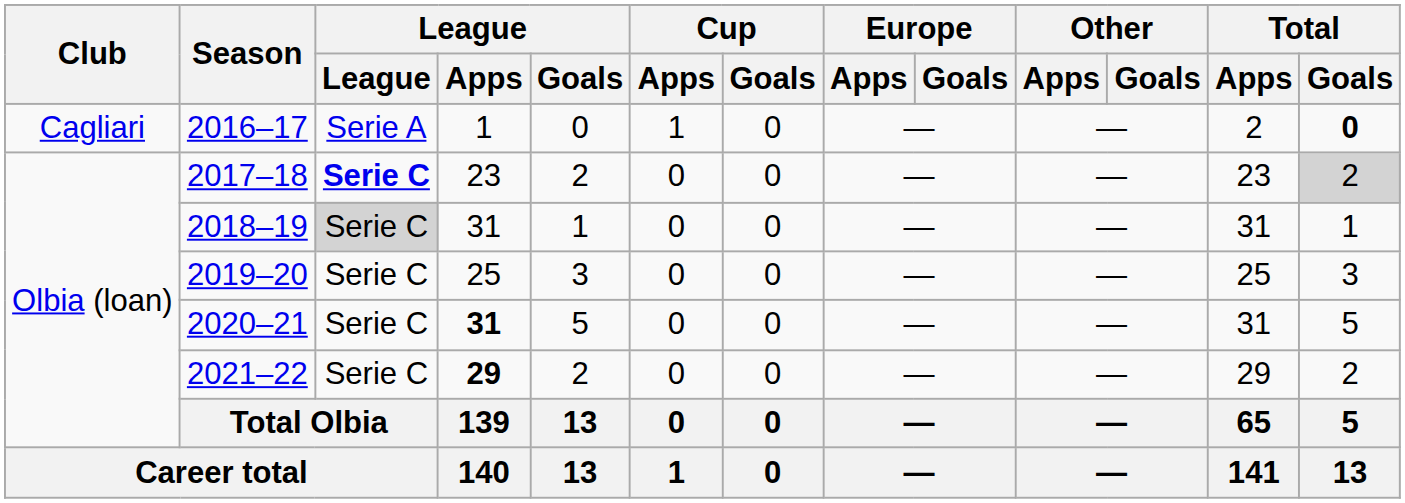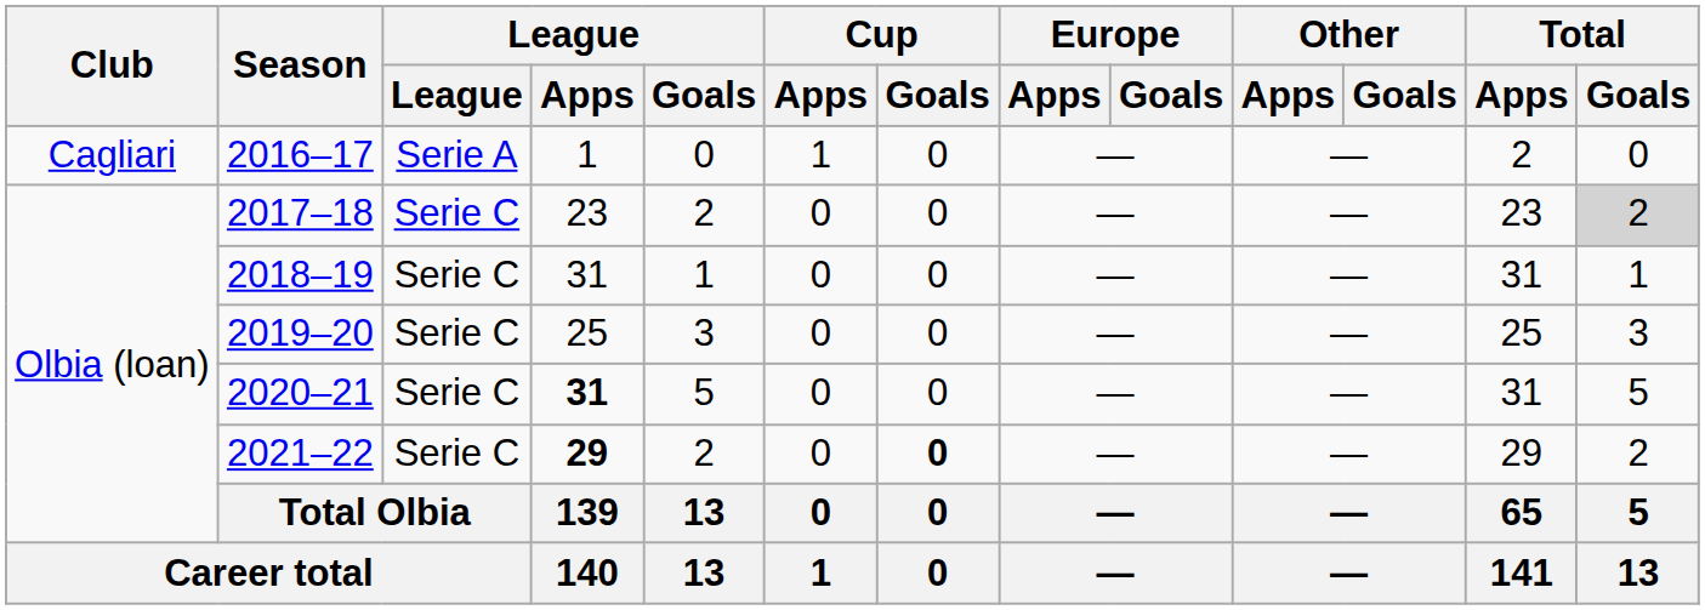 <table class="wikitable" style="text-align: center;">
 <tr>
 <th rowspan="2">Club</th>
 <th rowspan="2">Season</th>
 <th colspan="3">League</th>
 <th colspan="2">Cup</th>
 <th colspan="2">Europe</th>
 <th colspan="2">Other</th>
 <th colspan="2">Total</th>
 </tr>
 <tr>
 <th>League</th>
 <th>Apps</th>
 <th>Goals</th>
 <th>Apps</th>
 <th>Goals</th>
 <th>Apps</th>
 <th>Goals</th>
 <th>Apps</th>
 <th>Goals</th>
 <th>Apps</th>
 <th>Goals</th>
 </tr>
 <tr>
 <td><a href='#'>Cagliari</a></td>
 <td><a href='#'>2016–17</a></td>
 <td><a href='#'>Serie A</a></td>
 <td>1</td>
 <td>0</td>
 <td>1</td>
 <td>0</td>
 <td colspan="2">—</td>
 <td colspan="2">—</td>
 <td>2</td>
-<td><strong>0</strong></td>
+<td>0</td>
 </tr>
 <tr>
 <td rowspan="6"><a href='#'>Olbia</a> (loan)</td>
 <td><a href='#'>2017–18</a></td>
-<td><strong><a href='#'>Serie C</a></strong></td>
+<td><a href='#'>Serie C</a></td>
 <td>23</td>
 <td>2</td>
 <td>0</td>
 <td>0</td>
 <td colspan="2">—</td>
 <td colspan="2">—</td>
 <td>23</td>
 <td style="background: lightgrey;">2</td>
 </tr>
 <tr>
 <td><a href='#'>2018–19</a></td>
-<td style="background: lightgrey;">Serie C</td>
+<td>Serie C</td>
 <td>31</td>
 <td>1</td>
 <td>0</td>
 <td>0</td>
 <td colspan="2">—</td>
 <td colspan="2">—</td>
 <td>31</td>
 <td>1</td>
 </tr>
 <tr>
 <td><a href='#'>2019–20</a></td>
 <td>Serie C</td>
 <td>25</td>
 <td>3</td>
 <td>0</td>
 <td>0</td>
 <td colspan="2">—</td>
 <td colspan="2">—</td>
 <td>25</td>
 <td>3</td>
 </tr>
 <tr>
 <td><a href='#'>2020–21</a></td>
 <td>Serie C</td>
 <td><strong>31</strong></td>
 <td>5</td>
 <td>0</td>
 <td>0</td>
 <td colspan="2">—</td>
 <td colspan="2">—</td>
 <td>31</td>
 <td>5</td>
 </tr>
 <tr>
 <td><a href='#'>2021–22</a></td>
 <td>Serie C</td>
 <td><strong>29</strong></td>
 <td>2</td>
 <td>0</td>
-<td>0</td>
+<td><strong>0</strong></td>
 <td colspan="2">—</td>
 <td colspan="2">—</td>
 <td>29</td>
 <td>2</td>
 </tr>
 <tr>
 <th colspan="2">Total Olbia</th>
 <th>139</th>
 <th>13</th>
 <th>0</th>
 <th>0</th>
 <th colspan="2">—</th>
 <th colspan="2">—</th>
 <th>65</th>
 <th>5</th>
 </tr>
 <tr>
 <th colspan="3">Career total</th>
 <th>140</th>
 <th>13</th>
 <th>1</th>
 <th>0</th>
 <th colspan="2">—</th>
 <th colspan="2">—</th>
 <th>141</th>
 <th>13</th>
 </tr>
 </table>
